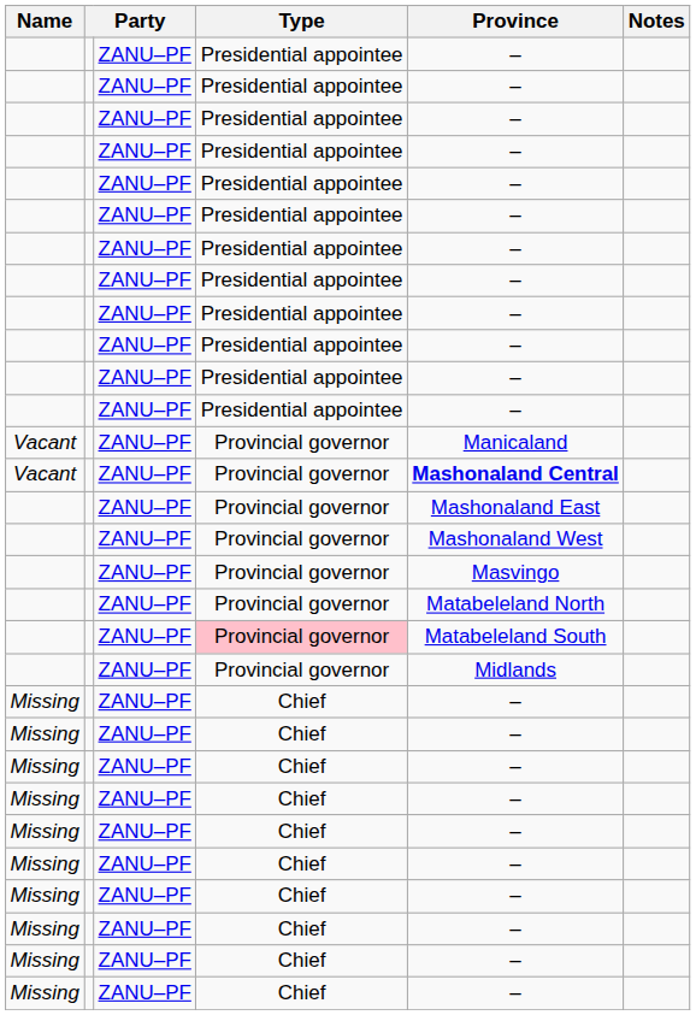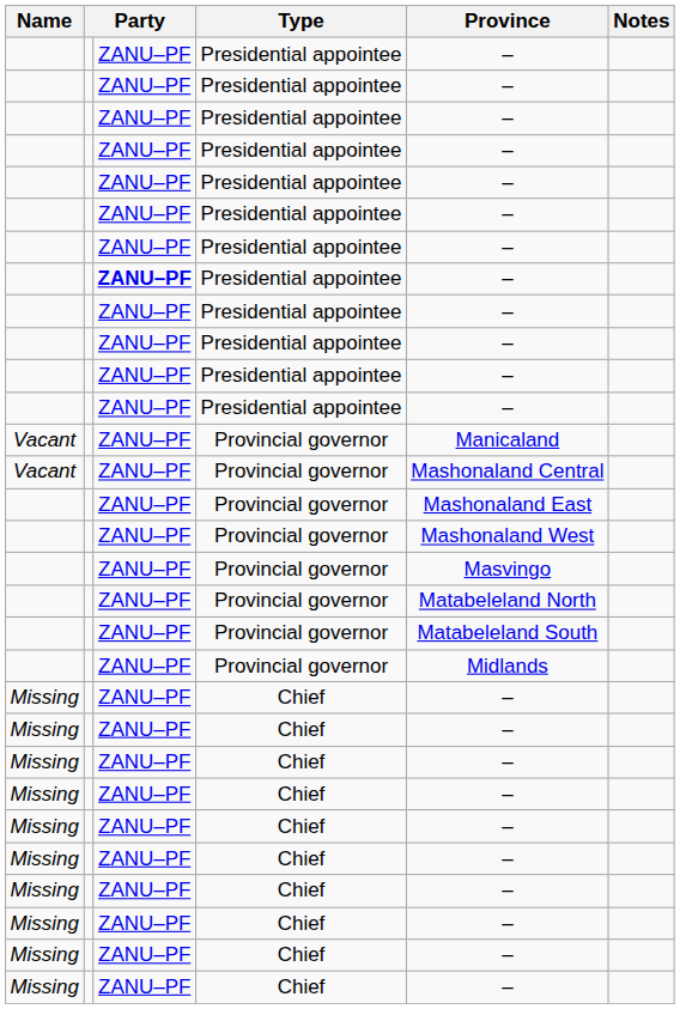 <table class="wikitable sortable" style="text-align:center">
 <tr>
 <th>Name</th>
 <th colspan="2">Party</th>
 <th>Type</th>
 <th>Province</th>
 <th>Notes</th>
 </tr>
 <tr>
 <td></td>
 <td style="background-color: "></td>
 <td><a href='#'>ZANU–PF</a></td>
 <td>Presidential appointee</td>
 <td>–</td>
 <td></td>
 </tr>
 <tr>
 <td></td>
 <td style="background-color: "></td>
 <td><a href='#'>ZANU–PF</a></td>
 <td>Presidential appointee</td>
 <td>–</td>
 <td></td>
 </tr>
 <tr>
 <td></td>
 <td style="background-color: "></td>
 <td><a href='#'>ZANU–PF</a></td>
 <td>Presidential appointee</td>
 <td>–</td>
 <td></td>
 </tr>
 <tr>
 <td></td>
 <td style="background-color: "></td>
 <td><a href='#'>ZANU–PF</a></td>
 <td>Presidential appointee</td>
 <td>–</td>
 <td></td>
 </tr>
 <tr>
 <td></td>
 <td style="background-color: "></td>
 <td><a href='#'>ZANU–PF</a></td>
 <td>Presidential appointee</td>
 <td>–</td>
 <td></td>
 </tr>
 <tr>
 <td></td>
 <td style="background-color: "></td>
 <td><a href='#'>ZANU–PF</a></td>
 <td>Presidential appointee</td>
 <td>–</td>
 <td></td>
 </tr>
 <tr>
 <td></td>
 <td style="background-color: "></td>
 <td><a href='#'>ZANU–PF</a></td>
 <td>Presidential appointee</td>
 <td>–</td>
 <td></td>
 </tr>
 <tr>
 <td></td>
 <td style="background-color: "></td>
-<td><a href='#'>ZANU–PF</a></td>
+<td><strong><a href='#'>ZANU–PF</a></strong></td>
 <td>Presidential appointee</td>
 <td>–</td>
 <td></td>
 </tr>
 <tr>
 <td></td>
 <td style="background-color: "></td>
 <td><a href='#'>ZANU–PF</a></td>
 <td>Presidential appointee</td>
 <td>–</td>
 <td></td>
 </tr>
 <tr>
 <td></td>
 <td style="background-color: "></td>
 <td><a href='#'>ZANU–PF</a></td>
 <td>Presidential appointee</td>
 <td>–</td>
 <td></td>
 </tr>
 <tr>
 <td></td>
 <td style="background-color: "></td>
 <td><a href='#'>ZANU–PF</a></td>
 <td>Presidential appointee</td>
 <td>–</td>
 <td></td>
 </tr>
 <tr>
 <td></td>
 <td style="background-color: "></td>
 <td><a href='#'>ZANU–PF</a></td>
 <td>Presidential appointee</td>
 <td>–</td>
 <td></td>
 </tr>
 <tr>
 <td><em>Vacant</em></td>
 <td style="background-color: "></td>
 <td><a href='#'>ZANU–PF</a></td>
 <td>Provincial governor</td>
 <td><a href='#'>Manicaland</a></td>
 <td></td>
 </tr>
 <tr>
 <td><em>Vacant</em></td>
 <td style="background-color: "></td>
 <td><a href='#'>ZANU–PF</a></td>
 <td>Provincial governor</td>
-<td><strong><a href='#'>Mashonaland Central</a></strong></td>
+<td><a href='#'>Mashonaland Central</a></td>
 <td></td>
 </tr>
 <tr>
 <td></td>
 <td style="background-color: "></td>
 <td><a href='#'>ZANU–PF</a></td>
 <td>Provincial governor</td>
 <td><a href='#'>Mashonaland East</a></td>
 <td></td>
 </tr>
 <tr>
 <td></td>
 <td style="background-color: "></td>
 <td><a href='#'>ZANU–PF</a></td>
 <td>Provincial governor</td>
 <td><a href='#'>Mashonaland West</a></td>
 <td></td>
 </tr>
 <tr>
 <td></td>
 <td style="background-color: "></td>
 <td><a href='#'>ZANU–PF</a></td>
 <td>Provincial governor</td>
 <td><a href='#'>Masvingo</a></td>
 <td></td>
 </tr>
 <tr>
 <td></td>
 <td style="background-color: "></td>
 <td><a href='#'>ZANU–PF</a></td>
 <td>Provincial governor</td>
 <td><a href='#'>Matabeleland North</a></td>
 <td></td>
 </tr>
 <tr>
 <td></td>
 <td style="background-color: "></td>
 <td><a href='#'>ZANU–PF</a></td>
-<td style="background: pink;">Provincial governor</td>
+<td>Provincial governor</td>
 <td><a href='#'>Matabeleland South</a></td>
 <td></td>
 </tr>
 <tr>
 <td></td>
 <td style="background-color: "></td>
 <td><a href='#'>ZANU–PF</a></td>
 <td>Provincial governor</td>
 <td><a href='#'>Midlands</a></td>
 <td></td>
 </tr>
 <tr>
 <td><em>Missing</em></td>
 <td style="background-color: "></td>
 <td><a href='#'>ZANU–PF</a></td>
 <td>Chief</td>
 <td>–</td>
 <td></td>
 </tr>
 <tr>
 <td><em>Missing</em></td>
 <td style="background-color: "></td>
 <td><a href='#'>ZANU–PF</a></td>
 <td>Chief</td>
 <td>–</td>
 <td></td>
 </tr>
 <tr>
 <td><em>Missing</em></td>
 <td style="background-color: "></td>
 <td><a href='#'>ZANU–PF</a></td>
 <td>Chief</td>
 <td>–</td>
 <td></td>
 </tr>
 <tr>
 <td><em>Missing</em></td>
 <td style="background-color: "></td>
 <td><a href='#'>ZANU–PF</a></td>
 <td>Chief</td>
 <td>–</td>
 <td></td>
 </tr>
 <tr>
 <td><em>Missing</em></td>
 <td style="background-color: "></td>
 <td><a href='#'>ZANU–PF</a></td>
 <td>Chief</td>
 <td>–</td>
 <td></td>
 </tr>
 <tr>
 <td><em>Missing</em></td>
 <td style="background-color: "></td>
 <td><a href='#'>ZANU–PF</a></td>
 <td>Chief</td>
 <td>–</td>
 <td></td>
 </tr>
 <tr>
 <td><em>Missing</em></td>
 <td style="background-color: "></td>
 <td><a href='#'>ZANU–PF</a></td>
 <td>Chief</td>
 <td>–</td>
 <td></td>
 </tr>
 <tr>
 <td><em>Missing</em></td>
 <td style="background-color: "></td>
 <td><a href='#'>ZANU–PF</a></td>
 <td>Chief</td>
 <td>–</td>
 <td></td>
 </tr>
 <tr>
 <td><em>Missing</em></td>
 <td style="background-color: "></td>
 <td><a href='#'>ZANU–PF</a></td>
 <td>Chief</td>
 <td>–</td>
 <td></td>
 </tr>
 <tr>
 <td><em>Missing</em></td>
 <td style="background-color: "></td>
 <td><a href='#'>ZANU–PF</a></td>
 <td>Chief</td>
 <td>–</td>
 <td></td>
 </tr>
 </table>
